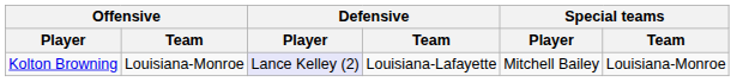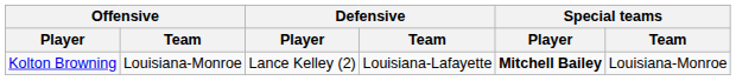 <table class="wikitable">
 <tr>
 <th colspan="2">Offensive</th>
 <th colspan="2">Defensive</th>
 <th colspan="2">Special teams</th>
 </tr>
 <tr>
 <th>Player</th>
 <th>Team</th>
 <th>Player</th>
 <th>Team</th>
 <th>Player</th>
 <th>Team</th>
 </tr>
 <tr>
 <td><a href='#'>Kolton Browning</a></td>
 <td>Louisiana-Monroe</td>
-<td style="background: lavender;">Lance Kelley (2)</td>
+<td>Lance Kelley (2)</td>
 <td>Louisiana-Lafayette</td>
-<td>Mitchell Bailey</td>
+<td><strong>Mitchell Bailey</strong></td>
 <td>Louisiana-Monroe</td>
 </tr>
 </table>
